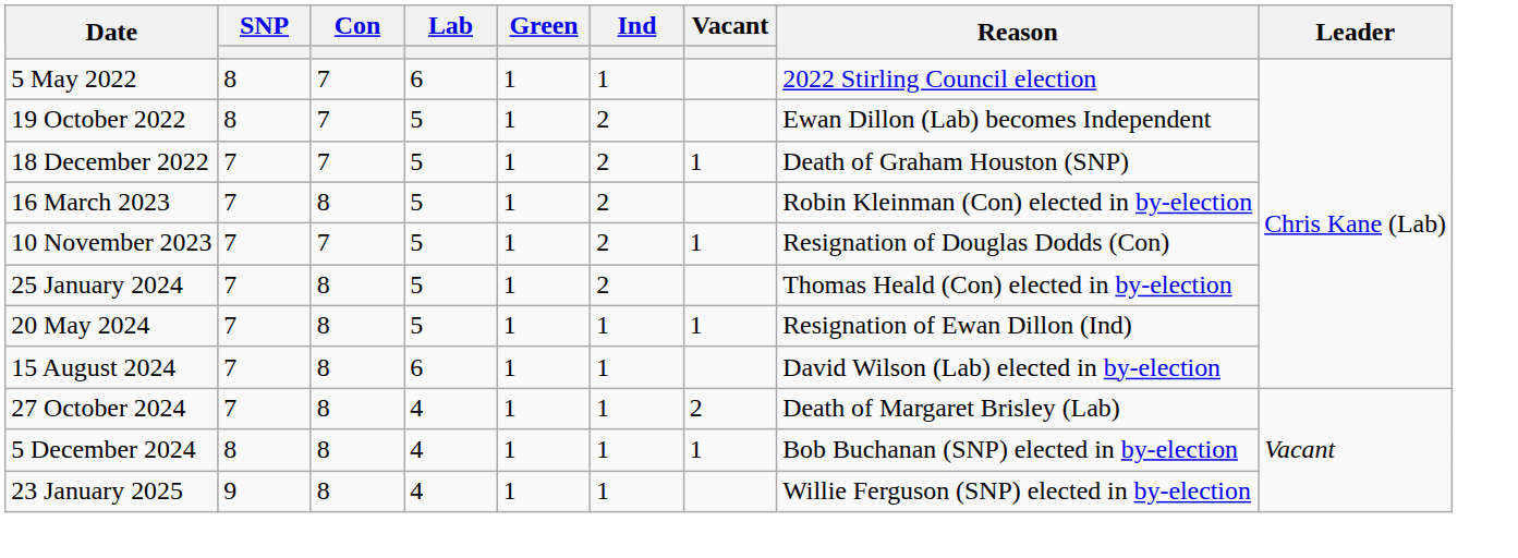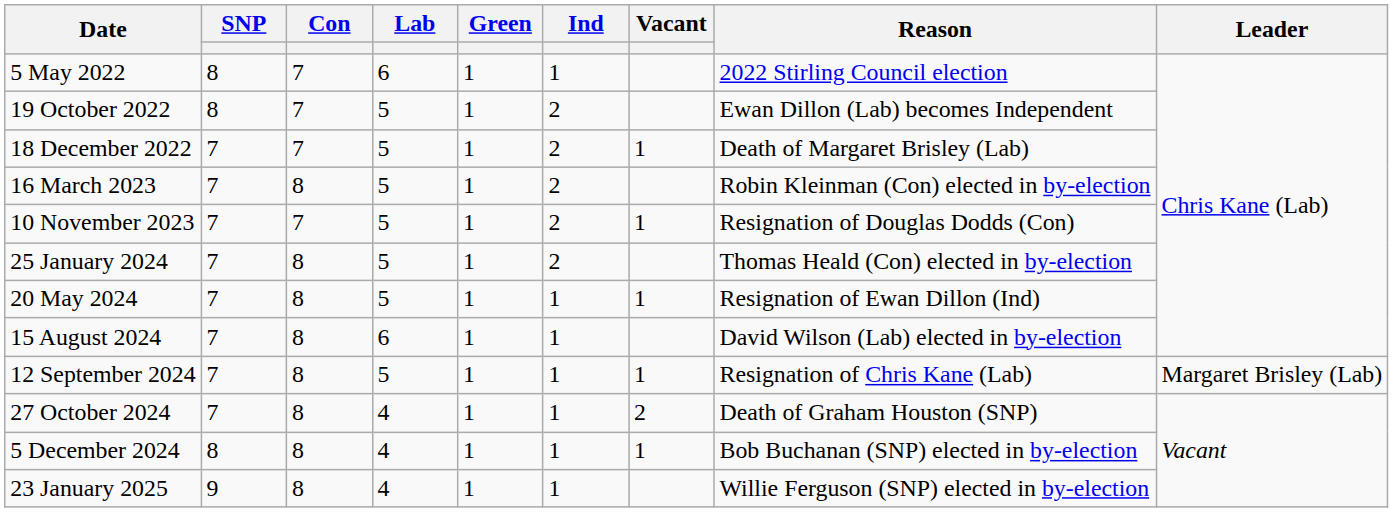 <table class="wikitable">
 <tr>
 <th rowspan=2>Date</th>
 <th class="unsortable" style="width:50px;"><a href='#'>SNP</a></th>
 <th class="unsortable" style="width:50px;"><a href='#'>Con</a></th>
 <th class="unsortable" style="width:50px;"><a href='#'>Lab</a></th>
 <th class="unsortable" style="width:50px;"><a href='#'>Green</a></th>
 <th class="unsortable" style="width:50px;"><a href='#'>Ind</a></th>
 <th class="unsortable" style="width:50px;">Vacant</th>
 <th rowspan="2">Reason</th>
 <th rowspan="2">Leader</th>
 </tr>
 <tr>
 <th data-sort-type="number" style="background:"></th>
 <th data-sort-type="number" style="background:"></th>
 <th data-sort-type="number" style="background:"></th>
 <th data-sort-type="number" style="background:"></th>
 <th data-sort-type="number" style="background:"></th>
 <th data-sort-type="number" style="background:"></th>
 </tr>
 <tr>
 <td>5 May 2022</td>
 <td>8</td>
 <td>7</td>
 <td>6</td>
 <td>1</td>
 <td>1</td>
 <td></td>
 <td><a href='#'>2022 Stirling Council election</a></td>
 <td rowspan=8><a href='#'>Chris Kane</a> (Lab)</td>
 </tr>
 <tr>
 <td>19 October 2022</td>
 <td>8</td>
 <td>7</td>
 <td>5</td>
 <td>1</td>
 <td>2</td>
 <td></td>
 <td>Ewan Dillon (Lab) becomes Independent</td>
 </tr>
 <tr>
 <td>18 December 2022</td>
 <td>7</td>
 <td>7</td>
 <td>5</td>
 <td>1</td>
 <td>2</td>
 <td>1</td>
-<td>Death of Graham Houston (SNP)</td>
+<td>Death of Margaret Brisley (Lab)</td>
 </tr>
 <tr>
 <td>16 March 2023</td>
 <td>7</td>
 <td>8</td>
 <td>5</td>
 <td>1</td>
 <td>2</td>
 <td></td>
 <td>Robin Kleinman (Con) elected in <a href='#'>by-election</a></td>
 </tr>
 <tr>
 <td>10 November 2023</td>
 <td>7</td>
 <td>7</td>
 <td>5</td>
 <td>1</td>
 <td>2</td>
 <td>1</td>
 <td>Resignation of Douglas Dodds (Con)</td>
 </tr>
 <tr>
 <td>25 January 2024</td>
 <td>7</td>
 <td>8</td>
 <td>5</td>
 <td>1</td>
 <td>2</td>
 <td></td>
 <td>Thomas Heald (Con) elected in <a href='#'>by-election</a></td>
 </tr>
 <tr>
 <td>20 May 2024</td>
 <td>7</td>
 <td>8</td>
 <td>5</td>
 <td>1</td>
 <td>1</td>
 <td>1</td>
 <td>Resignation of Ewan Dillon (Ind)</td>
 </tr>
 <tr>
 <td>15 August 2024</td>
 <td>7</td>
 <td>8</td>
 <td>6</td>
 <td>1</td>
 <td>1</td>
 <td></td>
 <td>David Wilson (Lab) elected in <a href='#'>by-election</a></td>
 </tr>
 <tr>
+<td>12 September 2024</td>
+<td>7</td>
+<td>8</td>
+<td>5</td>
+<td>1</td>
+<td>1</td>
+<td>1</td>
+<td>Resignation of <a href='#'>Chris Kane</a> (Lab)</td>
+<td>Margaret Brisley (Lab)</td>
+</tr>
+<tr>
 <td>27 October 2024</td>
 <td>7</td>
 <td>8</td>
 <td>4</td>
 <td>1</td>
 <td>1</td>
 <td>2</td>
-<td>Death of Margaret Brisley (Lab)</td>
+<td>Death of Graham Houston (SNP)</td>
 <td rowspan=3><em>Vacant</em></td>
 </tr>
 <tr>
 <td>5 December 2024</td>
 <td>8</td>
 <td>8</td>
 <td>4</td>
 <td>1</td>
 <td>1</td>
 <td>1</td>
 <td>Bob Buchanan (SNP) elected in <a href='#'>by-election</a></td>
 </tr>
 <tr>
 <td>23 January 2025</td>
 <td>9</td>
 <td>8</td>
 <td>4</td>
 <td>1</td>
 <td>1</td>
 <td></td>
 <td>Willie Ferguson (SNP) elected in <a href='#'>by-election</a></td>
 </tr>
 </table>
